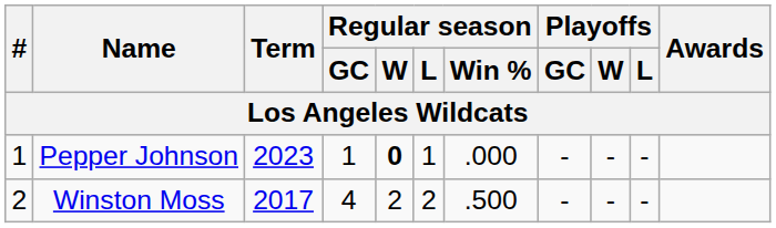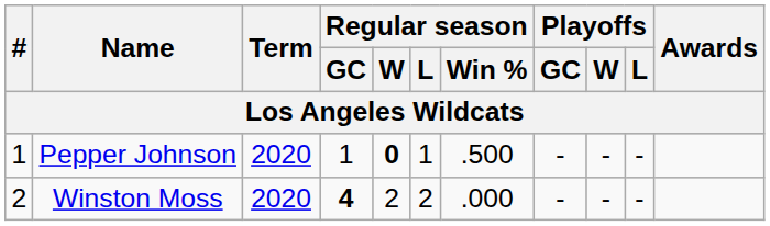 <table class="wikitable" style="text-align:center">
 <tr>
 <th rowspan="2">#</th>
 <th rowspan="2">Name</th>
 <th rowspan="2">Term</th>
 <th colspan="4">Regular season</th>
 <th colspan="3">Playoffs</th>
 <th rowspan="2">Awards</th>
 </tr>
 <tr>
 <th>GC</th>
 <th>W</th>
 <th>L</th>
 <th>Win %</th>
 <th>GC</th>
 <th>W</th>
 <th>L</th>
 </tr>
 <tr>
 <th colspan="11">Los Angeles Wildcats</th>
 </tr>
 <tr>
 <td>1</td>
 <td><a href='#'>Pepper Johnson</a></td>
-<td><a href='#'>2023</a></td>
+<td><a href='#'>2020</a></td>
 <td>1</td>
 <td><strong>0</strong></td>
 <td>1</td>
-<td>.000</td>
+<td>.500</td>
 <td>-</td>
 <td>-</td>
 <td>-</td>
 <td></td>
 </tr>
 <tr>
 <td>2</td>
 <td><a href='#'>Winston Moss</a></td>
-<td><a href='#'>2017</a></td>
-<td>4</td>
+<td><a href='#'>2020</a></td>
+<td><strong>4</strong></td>
 <td>2</td>
 <td>2</td>
-<td>.500</td>
+<td>.000</td>
 <td>-</td>
 <td>-</td>
 <td>-</td>
 </tr>
 </table>
